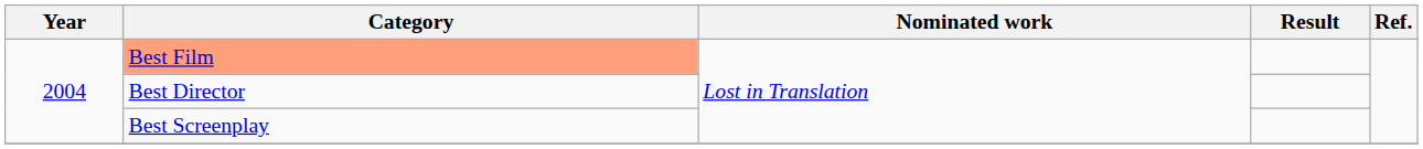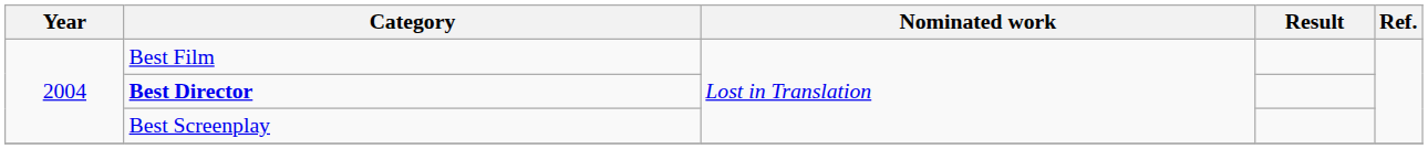 <table class=wikitable>
 <tr>
 <th scope="col" style="width:5em;">Year</th>
 <th scope="col" style="width:26em;">Category</th>
 <th scope="col" style="width:25em;">Nominated work</th>
 <th scope="col" style="width:5em;">Result</th>
 <th>Ref.</th>
 </tr>
 <tr>
 <td style="text-align:center;", rowspan=3><a href='#'>2004</a></td>
-<td style="background: lightsalmon;"><a href='#'>Best Film</a></td>
+<td><a href='#'>Best Film</a></td>
 <td rowspan=3><em><a href='#'>Lost in Translation</a></em></td>
 <td></td>
 <td rowspan=3></td>
 </tr>
 <tr>
-<td><a href='#'>Best Director</a></td>
+<td><strong><a href='#'>Best Director</a></strong></td>
 <td></td>
 </tr>
 <tr>
 <td><a href='#'>Best Screenplay</a></td>
 <td></td>
 </tr>
 <tr>
 </tr>
 </table>
